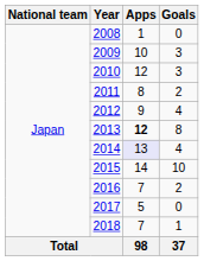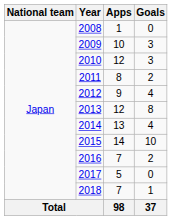 <table class="wikitable" style="text-align:center">
 <tr>
 <th>National team</th>
 <th>Year</th>
 <th>Apps</th>
 <th>Goals</th>
 </tr>
 <tr>
 <td rowspan="11"><a href='#'>Japan</a></td>
 <td><a href='#'>2008</a></td>
 <td>1</td>
 <td>0</td>
 </tr>
 <tr>
 <td><a href='#'>2009</a></td>
 <td>10</td>
 <td>3</td>
 </tr>
 <tr>
 <td><a href='#'>2010</a></td>
 <td>12</td>
 <td>3</td>
 </tr>
 <tr>
 <td><a href='#'>2011</a></td>
 <td>8</td>
 <td>2</td>
 </tr>
 <tr>
 <td><a href='#'>2012</a></td>
 <td>9</td>
 <td>4</td>
 </tr>
 <tr>
 <td><a href='#'>2013</a></td>
-<td><strong>12</strong></td>
+<td>12</td>
 <td>8</td>
 </tr>
 <tr>
 <td><a href='#'>2014</a></td>
-<td style="background: lavender;">13</td>
+<td>13</td>
 <td>4</td>
 </tr>
 <tr>
 <td><a href='#'>2015</a></td>
 <td>14</td>
 <td>10</td>
 </tr>
 <tr>
 <td><a href='#'>2016</a></td>
 <td>7</td>
 <td>2</td>
 </tr>
 <tr>
 <td><a href='#'>2017</a></td>
 <td>5</td>
 <td>0</td>
 </tr>
 <tr>
 <td><a href='#'>2018</a></td>
 <td>7</td>
 <td>1</td>
 </tr>
 <tr>
 <th colspan="2">Total</th>
 <th>98</th>
 <th>37</th>
 </tr>
 </table>
